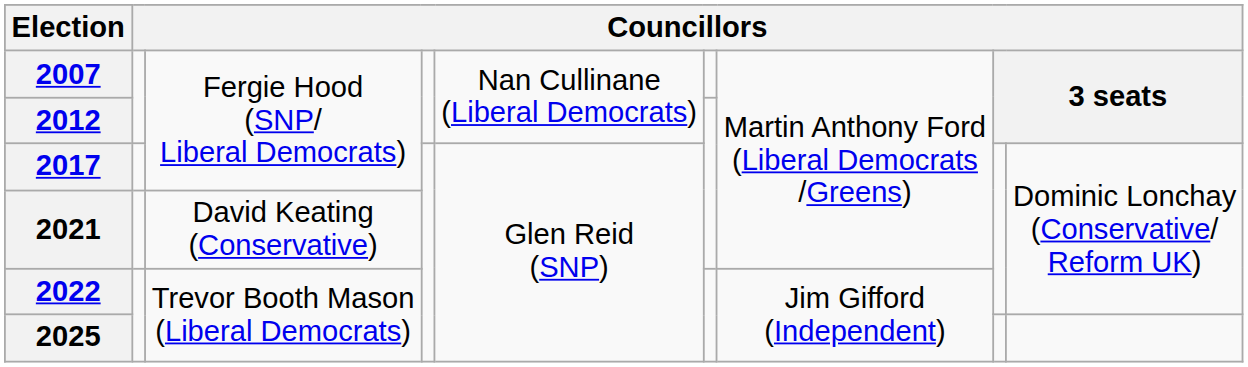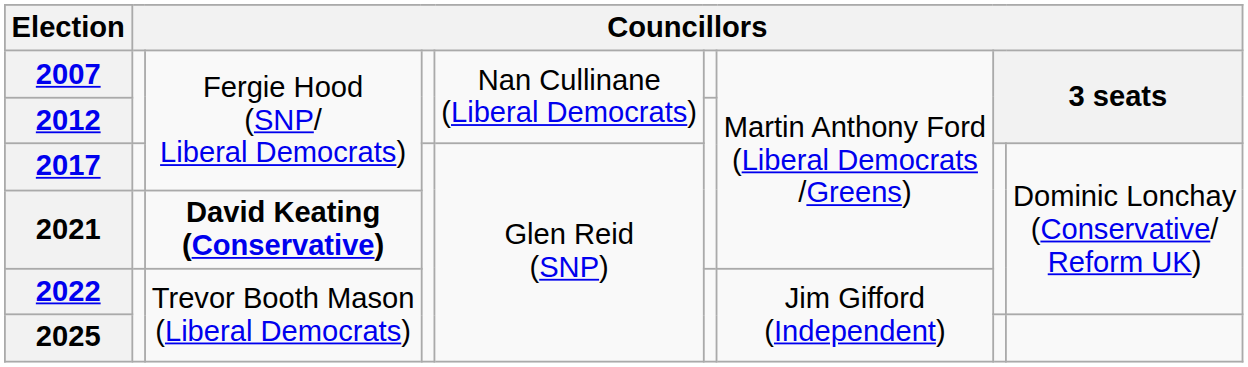 <table class="wikitable" style="text-align:center">
 <tr>
 <th>Election</th>
 <th colspan=18>Councillors</th>
 </tr>
 <tr>
 <th><a href='#'>2007</a></th>
 <td rowspan=2; style="background-color: "></td>
 <td rowspan=3>Fergie Hood<br>(<a href='#'>SNP</a>/<br><a href='#'>Liberal Democrats</a>)</td>
 <td rowspan=2; style="background-color: "></td>
 <td rowspan=2>Nan Cullinane<br>(<a href='#'>Liberal Democrats</a>)</td>
 <td rowspan=1; style="background-color: "></td>
 <td rowspan=4>Martin Anthony Ford<br>(<a href='#'>Liberal Democrats</a><br>/<a href='#'>Greens</a>)</td>
 <th colspan=2; rowspan=2>3 seats</th>
 </tr>
 <tr>
 <th><a href='#'>2012</a></th>
 <td rowspan=3; style="background-color: "></td>
 </tr>
 <tr>
 <th><a href='#'>2017</a></th>
 <td rowspan=1; style="background-color: "></td>
 <td rowspan=4; style="background-color: "></td>
 <td rowspan=4>Glen Reid<br>(<a href='#'>SNP</a>)</td>
 <td rowspan=3; style="background-color: "></td>
 <td rowspan=3>Dominic Lonchay<br>(<a href='#'>Conservative</a>/<br><a href='#'>Reform UK</a>)</td>
 </tr>
 <tr>
 <th>2021</th>
 <td rowspan=1; style="background-color: "></td>
-<td rowspan=1>David Keating<br>(<a href='#'>Conservative</a>)</td>
+<td rowspan=1><strong>David Keating<br>(<a href='#'>Conservative</a>)</strong></td>
 </tr>
 <tr>
 <th><a href='#'>2022</a></th>
 <td rowspan=2; style="background-color: "></td>
 <td rowspan=2>Trevor Booth Mason<br>(<a href='#'>Liberal Democrats</a>)</td>
 <td rowspan=2; style="background-color: "></td>
 <td rowspan=2>Jim Gifford<br>(<a href='#'>Independent</a>)</td>
 </tr>
 <tr>
 <th>2025</th>
 <td rowspan=1; style="background-color: "></td>
 </tr>
 </table>
